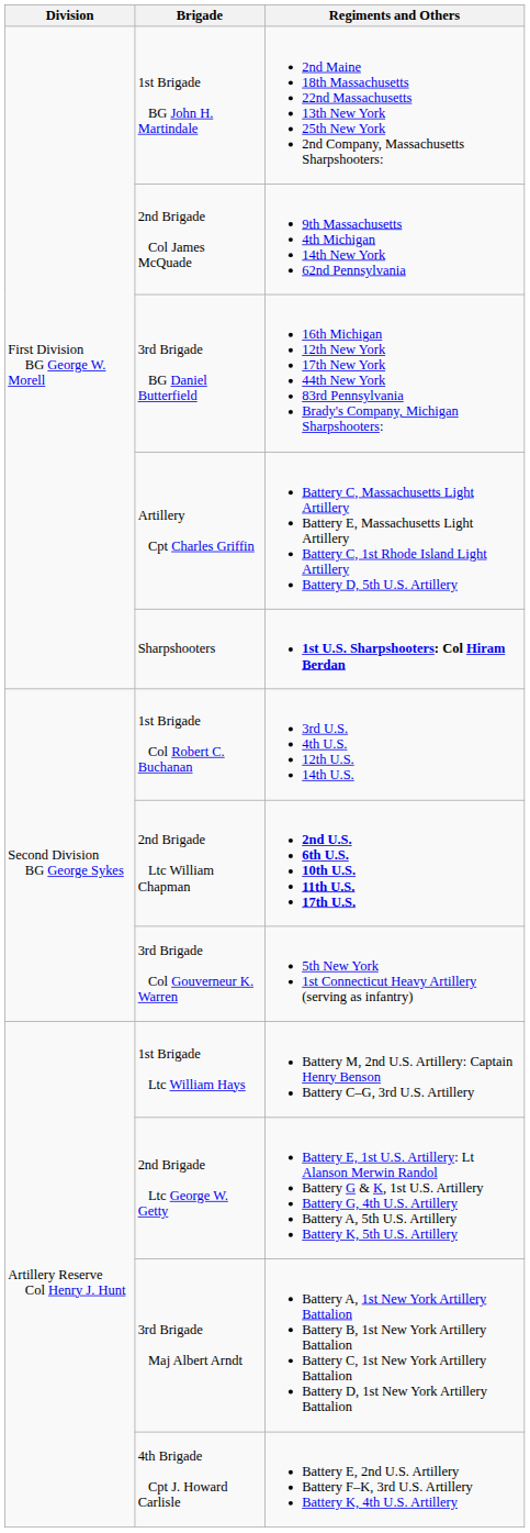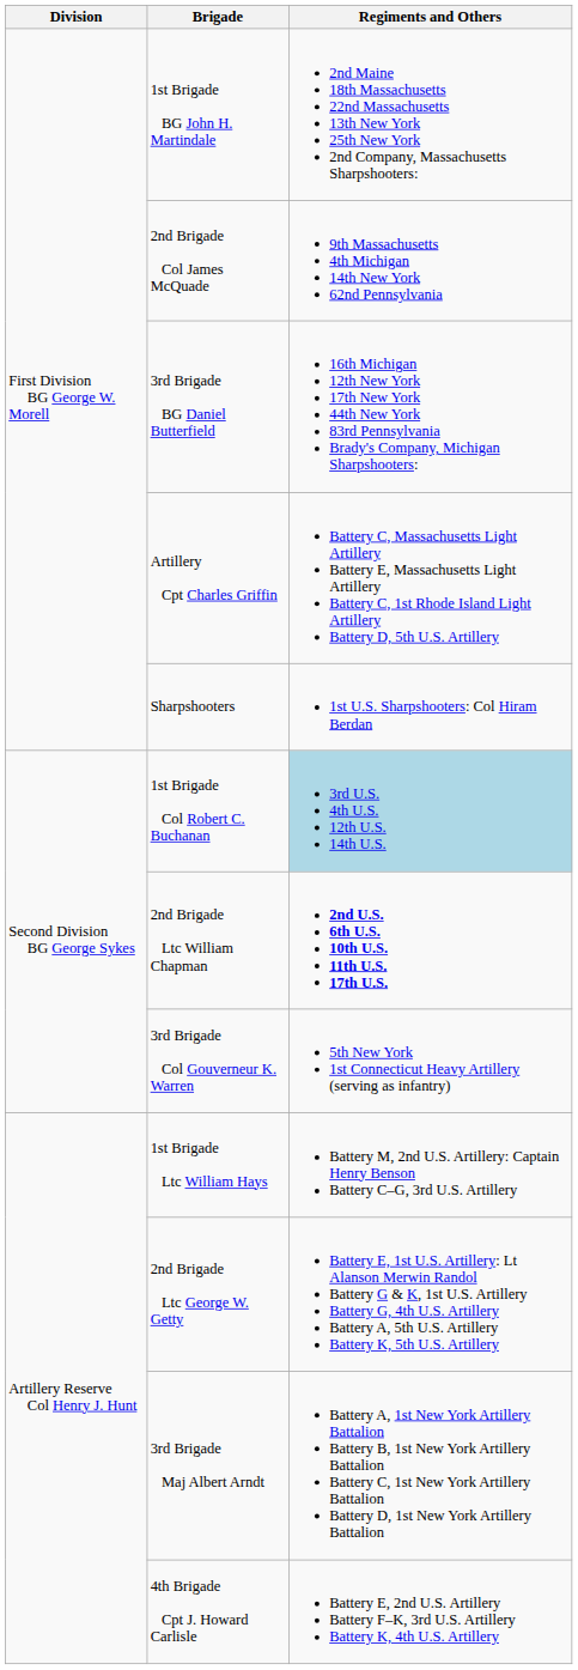 <table class="wikitable">
 <tr>
 <th style="width:25%;">Division</th>
 <th style="width:25%;">Brigade</th>
 <th>Regiments and Others</th>
 </tr>
 <tr>
 <td rowspan=5><br>First Division <br>     BG <a href='#'>George W. Morell</a></td>
 <td>1st Brigade<br><br>   BG <a href='#'>John H. Martindale</a></td>
 <td><br><ul><li><a href='#'>2nd Maine</a></li><li><a href='#'>18th Massachusetts</a></li><li><a href='#'>22nd Massachusetts</a></li><li><a href='#'>13th New York</a></li><li><a href='#'>25th New York</a></li><li>2nd Company, Massachusetts Sharpshooters:</li></ul></td>
 </tr>
 <tr>
 <td>2nd Brigade<br><br>   Col James McQuade</td>
 <td><br><ul><li><a href='#'>9th Massachusetts</a></li><li><a href='#'>4th Michigan</a></li><li><a href='#'>14th New York</a></li><li><a href='#'>62nd Pennsylvania</a></li></ul></td>
 </tr>
 <tr>
 <td>3rd Brigade<br><br>   BG <a href='#'>Daniel Butterfield</a></td>
 <td><br><ul><li><a href='#'>16th Michigan</a></li><li><a href='#'>12th New York</a></li><li><a href='#'>17th New York</a></li><li><a href='#'>44th New York</a></li><li><a href='#'>83rd Pennsylvania</a></li><li><a href='#'>Brady's Company, Michigan Sharpshooters</a>:</li></ul></td>
 </tr>
 <tr>
 <td>Artillery<br><br>   Cpt <a href='#'>Charles Griffin</a></td>
 <td><br><ul><li><a href='#'>Battery C, Massachusetts Light Artillery</a></li><li>Battery E, Massachusetts Light Artillery</li><li><a href='#'>Battery C, 1st Rhode Island Light Artillery</a></li><li><a href='#'>Battery D, 5th U.S. Artillery</a></li></ul></td>
 </tr>
 <tr>
 <td>Sharpshooters</td>
-<td><strong><br><ul><li><a href='#'>1st U.S. Sharpshooters</a>: Col <a href='#'>Hiram Berdan</a></li></ul></strong></td>
+<td><br><ul><li><a href='#'>1st U.S. Sharpshooters</a>: Col <a href='#'>Hiram Berdan</a></li></ul></td>
 </tr>
 <tr>
 <td rowspan=3><br>Second Division <br>     BG <a href='#'>George Sykes</a></td>
 <td>1st Brigade<br><br>   Col <a href='#'>Robert C. Buchanan</a></td>
-<td><br><ul><li><a href='#'>3rd U.S.</a></li><li><a href='#'>4th U.S.</a></li><li><a href='#'>12th U.S.</a></li><li><a href='#'>14th U.S.</a></li></ul></td>
+<td style="background: lightblue;"><br><ul><li><a href='#'>3rd U.S.</a></li><li><a href='#'>4th U.S.</a></li><li><a href='#'>12th U.S.</a></li><li><a href='#'>14th U.S.</a></li></ul></td>
 </tr>
 <tr>
 <td>2nd Brigade<br><br>   Ltc William Chapman</td>
 <td><strong><br><ul><li><a href='#'>2nd U.S.</a></li><li><a href='#'>6th U.S.</a></li><li><a href='#'>10th U.S.</a></li><li><a href='#'>11th U.S.</a></li><li><a href='#'>17th U.S.</a></li></ul></strong></td>
 </tr>
 <tr>
 <td>3rd Brigade<br><br>   Col <a href='#'>Gouverneur K. Warren</a></td>
 <td><br><ul><li><a href='#'>5th New York</a></li><li><a href='#'>1st Connecticut Heavy Artillery</a> (serving as infantry)</li></ul></td>
 </tr>
 <tr>
 <td rowspan=4><br>Artillery Reserve <br>     Col <a href='#'>Henry J. Hunt</a></td>
 <td>1st Brigade<br><br>   Ltc <a href='#'>William Hays</a></td>
 <td><br><ul><li>Battery M, 2nd U.S. Artillery: Captain <a href='#'>Henry Benson</a></li><li>Battery C–G, 3rd U.S. Artillery</li></ul></td>
 </tr>
 <tr>
 <td>2nd Brigade<br><br>   Ltc <a href='#'>George W. Getty</a></td>
 <td><br><ul><li><a href='#'>Battery E, 1st U.S. Artillery</a>: Lt <a href='#'>Alanson Merwin Randol</a></li><li>Battery <a href='#'>G</a> & <a href='#'>K</a>, 1st U.S. Artillery</li><li><a href='#'>Battery G, 4th U.S. Artillery</a></li><li>Battery A, 5th U.S. Artillery</li><li><a href='#'>Battery K, 5th U.S. Artillery</a></li></ul></td>
 </tr>
 <tr>
 <td>3rd Brigade<br><br>   Maj Albert Arndt</td>
 <td><br><ul><li>Battery A, <a href='#'>1st New York Artillery Battalion</a></li><li>Battery B, 1st New York Artillery Battalion</li><li>Battery C, 1st New York Artillery Battalion</li><li>Battery D, 1st New York Artillery Battalion</li></ul></td>
 </tr>
 <tr>
 <td>4th Brigade<br><br>   Cpt J. Howard Carlisle</td>
 <td><br><ul><li>Battery E, 2nd U.S. Artillery</li><li>Battery F–K, 3rd U.S. Artillery</li><li><a href='#'>Battery K, 4th U.S. Artillery</a></li></ul></td>
 </tr>
 </table>
